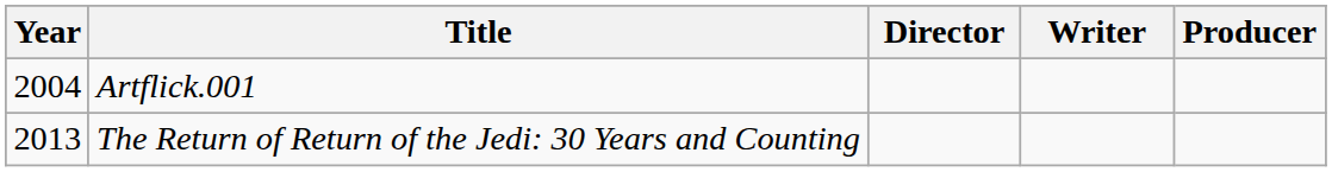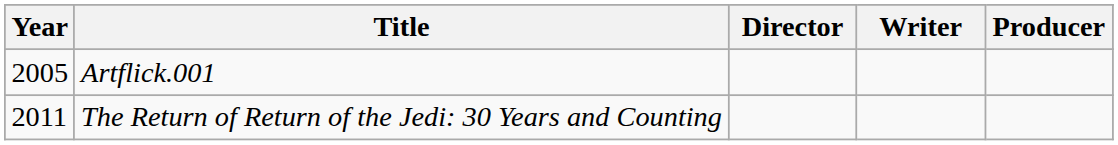 <table class="wikitable">
 <tr>
 <th>Year</th>
 <th>Title</th>
 <th width="65">Director</th>
 <th width="65">Writer</th>
 <th width="65">Producer</th>
 </tr>
 <tr>
-<td>2004</td>
+<td>2005</td>
 <td><em>Artflick.001</em></td>
 <td></td>
 <td></td>
 <td></td>
 </tr>
 <tr>
-<td>2013</td>
+<td>2011</td>
 <td><em>The Return of Return of the Jedi: 30 Years and Counting</em></td>
 <td></td>
 <td></td>
 <td></td>
 </tr>
 </table>
